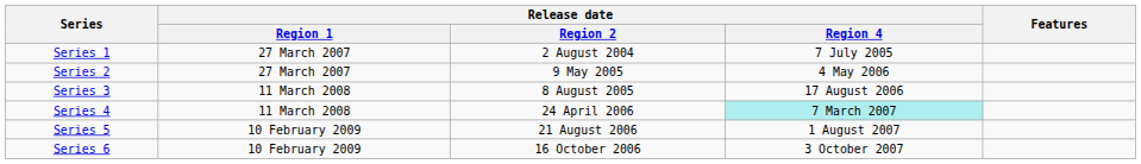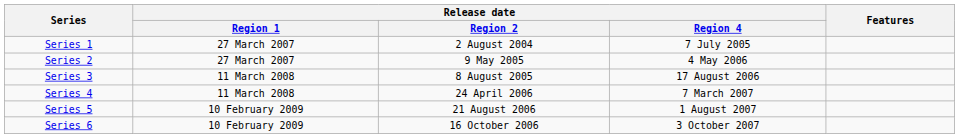 <table class="wikitable" style="width:99%; text-align:center;">
 <tr>
 <th rowspan="2">Series</th>
 <th colspan="3">Release date</th>
 <th rowspan="2">Features</th>
 </tr>
 <tr>
 <th><a href='#'>Region 1</a></th>
 <th><a href='#'>Region 2</a></th>
 <th><a href='#'>Region 4</a></th>
 </tr>
 <tr>
 <td><a href='#'>Series 1</a></td>
 <td>27 March 2007</td>
 <td>2 August 2004</td>
 <td>7 July 2005</td>
 <td></td>
 </tr>
 <tr>
 <td><a href='#'>Series 2</a></td>
 <td>27 March 2007</td>
 <td>9 May 2005</td>
 <td>4 May 2006</td>
 <td></td>
 </tr>
 <tr>
 <td><a href='#'>Series 3</a></td>
 <td>11 March 2008</td>
 <td>8 August 2005</td>
 <td>17 August 2006</td>
 <td></td>
 </tr>
 <tr>
 <td><a href='#'>Series 4</a></td>
 <td>11 March 2008</td>
 <td>24 April 2006</td>
-<td style="background: paleturquoise;">7 March 2007</td>
+<td>7 March 2007</td>
 <td></td>
 </tr>
 <tr>
 <td><a href='#'>Series 5</a></td>
 <td>10 February 2009</td>
 <td>21 August 2006</td>
 <td>1 August 2007</td>
 <td></td>
 </tr>
 <tr>
 <td><a href='#'>Series 6</a></td>
 <td>10 February 2009</td>
 <td>16 October 2006</td>
 <td>3 October 2007</td>
 <td></td>
 </tr>
 </table>
